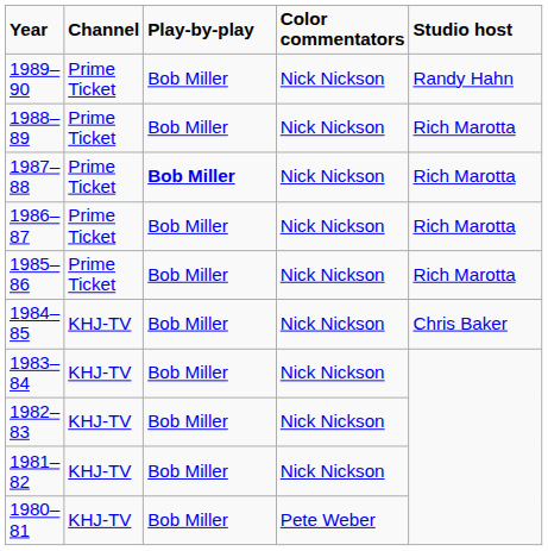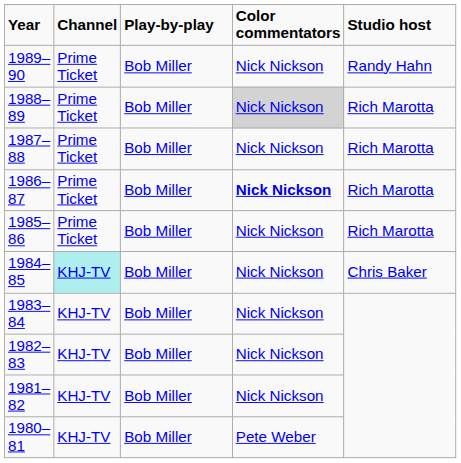 <table class="wikitable">
 <tr>
 <td width="40"><strong>Year</strong></td>
 <td width="40"><strong>Channel</strong></td>
 <td width="110"><strong>Play-by-play</strong></td>
 <td width="110"><strong>Color commentators</strong></td>
 <td width="110"><strong>Studio host</strong></td>
 </tr>
 <tr>
 <td><a href='#'>1989–90</a></td>
 <td><a href='#'>Prime Ticket</a></td>
 <td><a href='#'>Bob Miller</a></td>
 <td><a href='#'>Nick Nickson</a></td>
 <td><a href='#'>Randy Hahn</a></td>
 </tr>
 <tr>
 <td><a href='#'>1988–89</a></td>
 <td><a href='#'>Prime Ticket</a></td>
 <td><a href='#'>Bob Miller</a></td>
-<td><a href='#'>Nick Nickson</a></td>
+<td style="background: lightgrey;"><a href='#'>Nick Nickson</a></td>
 <td><a href='#'>Rich Marotta</a></td>
 </tr>
 <tr>
 <td><a href='#'>1987–88</a></td>
 <td><a href='#'>Prime Ticket</a></td>
-<td><strong><a href='#'>Bob Miller</a></strong></td>
+<td><a href='#'>Bob Miller</a></td>
 <td><a href='#'>Nick Nickson</a></td>
 <td><a href='#'>Rich Marotta</a></td>
 </tr>
 <tr>
 <td><a href='#'>1986–87</a></td>
 <td><a href='#'>Prime Ticket</a></td>
 <td><a href='#'>Bob Miller</a></td>
-<td><a href='#'>Nick Nickson</a></td>
+<td><strong><a href='#'>Nick Nickson</a></strong></td>
 <td><a href='#'>Rich Marotta</a></td>
 </tr>
 <tr>
 <td><a href='#'>1985–86</a></td>
 <td><a href='#'>Prime Ticket</a></td>
 <td><a href='#'>Bob Miller</a></td>
 <td><a href='#'>Nick Nickson</a></td>
 <td><a href='#'>Rich Marotta</a></td>
 </tr>
 <tr>
 <td><a href='#'>1984–85</a></td>
-<td><a href='#'>KHJ-TV</a></td>
+<td style="background: paleturquoise;"><a href='#'>KHJ-TV</a></td>
 <td><a href='#'>Bob Miller</a></td>
 <td><a href='#'>Nick Nickson</a></td>
 <td><a href='#'>Chris Baker</a></td>
 </tr>
 <tr>
 <td><a href='#'>1983–84</a></td>
 <td><a href='#'>KHJ-TV</a></td>
 <td><a href='#'>Bob Miller</a></td>
 <td><a href='#'>Nick Nickson</a></td>
 </tr>
 <tr>
 <td><a href='#'>1982–83</a></td>
 <td><a href='#'>KHJ-TV</a></td>
 <td><a href='#'>Bob Miller</a></td>
 <td><a href='#'>Nick Nickson</a></td>
 </tr>
 <tr>
 <td><a href='#'>1981–82</a></td>
 <td><a href='#'>KHJ-TV</a></td>
 <td><a href='#'>Bob Miller</a></td>
 <td><a href='#'>Nick Nickson</a></td>
 </tr>
 <tr>
 <td><a href='#'>1980–81</a></td>
 <td><a href='#'>KHJ-TV</a></td>
 <td><a href='#'>Bob Miller</a></td>
 <td><a href='#'>Pete Weber</a></td>
 </tr>
 </table>
